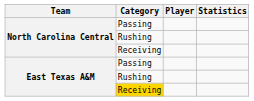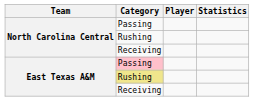 <table class="wikitable" style="float:right">
 <tr>
 <th>Team</th>
 <th>Category</th>
 <th>Player</th>
 <th>Statistics</th>
 </tr>
 <tr>
 <th rowspan=3>North Carolina Central</th>
 <td>Passing</td>
 <td></td>
 <td></td>
 </tr>
 <tr>
 <td>Rushing</td>
 <td></td>
 <td></td>
 </tr>
 <tr>
 <td>Receiving</td>
 <td></td>
 <td></td>
 </tr>
 <tr>
 <th rowspan=3>East Texas A&M</th>
-<td>Passing</td>
+<td style="background: pink;">Passing</td>
 <td></td>
 <td></td>
 </tr>
 <tr>
-<td>Rushing</td>
+<td style="background: khaki;">Rushing</td>
 <td></td>
 <td></td>
 </tr>
 <tr>
-<td style="background: gold;">Receiving</td>
+<td>Receiving</td>
 <td></td>
 <td></td>
 </tr>
 </table>
